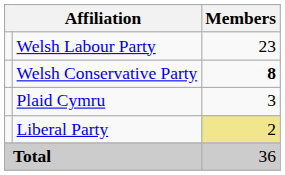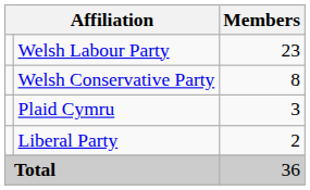 <table class="wikitable">
 <tr>
 <th colspan="2">Affiliation</th>
 <th>Members</th>
 </tr>
 <tr>
 <td style="color:inherit;background:"></td>
 <td><a href='#'>Welsh Labour Party</a></td>
 <td style="text-align:right;">23</td>
 </tr>
 <tr>
 <td style="color:inherit;background:"></td>
 <td><a href='#'>Welsh Conservative Party</a></td>
-<td style="text-align:right;"><strong>8</strong></td>
+<td style="text-align:right;">8</td>
 </tr>
 <tr>
 <td style="color:inherit;background:"></td>
 <td><a href='#'>Plaid Cymru</a></td>
 <td style="text-align:right;">3</td>
 </tr>
 <tr>
 <td style="color:inherit;background:"></td>
 <td><a href='#'>Liberal Party</a></td>
-<td style="background: khaki; text-align:right;">2</td>
+<td style="text-align:right;">2</td>
 </tr>
 <tr style="background:#ccc;">
 <td colspan="2"> <strong>Total</strong></td>
 <td style="text-align:right;">36</td>
 </tr>
 </table>
